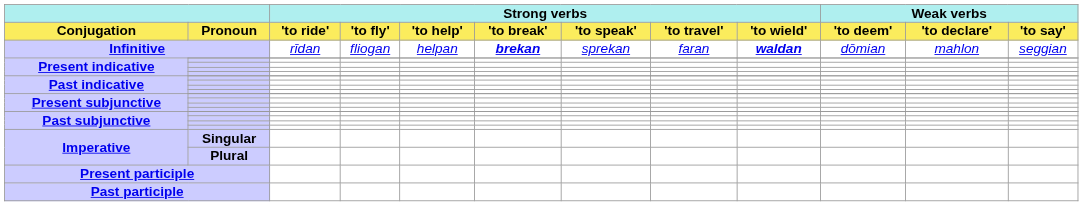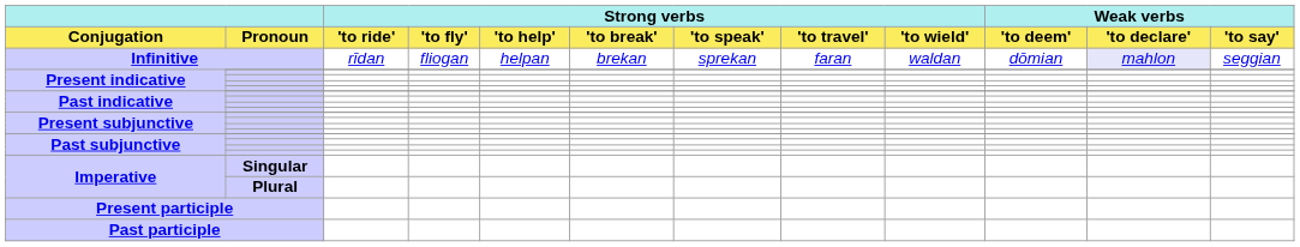 <table border=1 width=100% style="text-align:center; margin:1em 1em 1em 0; border:1px #999 solid; border-collapse:collapse;">
 <tr>
 <th style="background:#afefef;" colspan="2"></th>
 <th style="background:#afefef;" colspan="7">Strong verbs</th>
 <th style="background:#afefef;" colspan="3">Weak verbs</th>
 </tr>
 <tr>
 <th style="background:#FBEC5D;"><strong>Conjugation</strong></th>
 <th style="background:#FBEC5D;"><strong>Pronoun</strong></th>
 <th style="background:#FBEC5D;">'to ride'</th>
 <th style="background:#FBEC5D;">'to fly'</th>
 <th style="background:#FBEC5D;">'to help'</th>
 <th style="background:#FBEC5D;">'to break'</th>
 <th style="background:#FBEC5D;">'to speak'</th>
 <th style="background:#FBEC5D;">'to travel'</th>
 <th style="background:#FBEC5D;">'to wield'</th>
 <th style="background:#FBEC5D;">'to deem'</th>
 <th style="background:#FBEC5D;">'to declare'</th>
 <th style="background:#FBEC5D;">'to say'</th>
 </tr>
 <tr>
 <td style="background:#CCCCFF;" colspan="2"><strong><a href='#'>Infinitive</a></strong></td>
 <td><em><a href='#'>rīdan</a></em></td>
 <td><em><a href='#'>fliogan</a></em></td>
 <td><em><a href='#'>helpan</a></em></td>
-<td><strong><em><a href='#'>brekan</a></em></strong></td>
+<td><em><a href='#'>brekan</a></em></td>
 <td><em><a href='#'>sprekan</a></em></td>
 <td><em><a href='#'>faran</a></em></td>
-<td><strong><em><a href='#'>waldan</a></em></strong></td>
+<td><em><a href='#'>waldan</a></em></td>
 <td><em><a href='#'>dōmian</a></em></td>
-<td><em><a href='#'>mahlon</a></em></td>
+<td style="background: lavender;"><em><a href='#'>mahlon</a></em></td>
 <td><em><a href='#'>seggian</a></em></td>
 </tr>
 <tr>
 <td style="background:#CCCCFF;" rowspan="5"><strong><a href='#'>Present indicative</a></strong></td>
 </tr>
 <tr>
 <td style="background:#CCCCFF;"><strong></strong></td>
 <td></td>
 <td></td>
 <td></td>
 <td></td>
 <td></td>
 <td></td>
 <td></td>
 <td></td>
 <td></td>
 <td></td>
 </tr>
 <tr>
 <td style="background:#CCCCFF;"><strong></strong></td>
 <td></td>
 <td></td>
 <td></td>
 <td></td>
 <td></td>
 <td></td>
 <td></td>
 <td></td>
 <td></td>
 <td></td>
 </tr>
 <tr>
 <td style="background:#CCCCFF;"><strong></strong></td>
 <td></td>
 <td></td>
 <td></td>
 <td></td>
 <td></td>
 <td></td>
 <td></td>
 <td></td>
 <td></td>
 <td></td>
 </tr>
 <tr>
 <td style="background:#CCCCFF;"><strong></strong></td>
 <td></td>
 <td></td>
 <td></td>
 <td></td>
 <td></td>
 <td></td>
 <td></td>
 <td></td>
 <td></td>
 <td></td>
 </tr>
 <tr>
 <td style="background:#CCCCFF;" rowspan="5"><strong><a href='#'>Past indicative</a></strong></td>
 </tr>
 <tr>
 <td style="background:#CCCCFF;"><strong></strong></td>
 <td></td>
 <td></td>
 <td></td>
 <td></td>
 <td></td>
 <td></td>
 <td></td>
 <td></td>
 <td></td>
 <td></td>
 </tr>
 <tr>
 <td style="background:#CCCCFF;"><strong></strong></td>
 <td></td>
 <td></td>
 <td></td>
 <td></td>
 <td></td>
 <td></td>
 <td></td>
 <td></td>
 <td></td>
 <td></td>
 </tr>
 <tr>
 <td style="background:#CCCCFF;"><strong></strong></td>
 <td></td>
 <td></td>
 <td></td>
 <td></td>
 <td></td>
 <td></td>
 <td></td>
 <td></td>
 <td></td>
 <td></td>
 </tr>
 <tr>
 <td style="background:#CCCCFF;"><strong></strong></td>
 <td></td>
 <td></td>
 <td></td>
 <td></td>
 <td></td>
 <td></td>
 <td></td>
 <td></td>
 <td></td>
 <td></td>
 </tr>
 <tr>
 <td style="background:#CCCCFF;" rowspan="5"><strong><a href='#'>Present subjunctive</a></strong></td>
 </tr>
 <tr>
 <td style="background:#CCCCFF;"><strong></strong></td>
 <td></td>
 <td></td>
 <td></td>
 <td></td>
 <td></td>
 <td></td>
 <td></td>
 <td></td>
 <td></td>
 <td></td>
 </tr>
 <tr>
 <td style="background:#CCCCFF;"><strong></strong></td>
 <td></td>
 <td></td>
 <td></td>
 <td></td>
 <td></td>
 <td></td>
 <td></td>
 <td></td>
 <td></td>
 <td></td>
 </tr>
 <tr>
 <td style="background:#CCCCFF;"><strong></strong></td>
 <td></td>
 <td></td>
 <td></td>
 <td></td>
 <td></td>
 <td></td>
 <td></td>
 <td></td>
 <td></td>
 <td></td>
 </tr>
 <tr>
 <td style="background:#CCCCFF;"><strong></strong></td>
 <td></td>
 <td></td>
 <td></td>
 <td></td>
 <td></td>
 <td></td>
 <td></td>
 <td></td>
 <td></td>
 <td></td>
 </tr>
 <tr>
 <td style="background:#CCCCFF;" rowspan="5"><strong><a href='#'>Past subjunctive</a></strong></td>
 </tr>
 <tr>
 <td style="background:#CCCCFF;"><strong></strong></td>
 <td></td>
 <td></td>
 <td></td>
 <td></td>
 <td></td>
 <td></td>
 <td></td>
 <td></td>
 <td></td>
 <td></td>
 </tr>
 <tr>
 <td style="background:#CCCCFF;"><strong></strong></td>
 <td></td>
 <td></td>
 <td></td>
 <td></td>
 <td></td>
 <td></td>
 <td></td>
 <td></td>
 <td></td>
 <td></td>
 </tr>
 <tr>
 <td style="background:#CCCCFF;"><strong></strong></td>
 <td></td>
 <td></td>
 <td></td>
 <td></td>
 <td></td>
 <td></td>
 <td></td>
 <td></td>
 <td></td>
 <td></td>
 </tr>
 <tr>
 <td style="background:#CCCCFF;"><strong></strong></td>
 <td></td>
 <td></td>
 <td></td>
 <td></td>
 <td></td>
 <td></td>
 <td></td>
 <td></td>
 <td></td>
 <td></td>
 </tr>
 <tr>
 <td style="background:#CCCCFF;" rowspan="2"><strong><a href='#'>Imperative</a></strong></td>
 <td style="background:#CCCCFF;"><strong>Singular</strong></td>
 <td></td>
 <td></td>
 <td></td>
 <td></td>
 <td></td>
 <td></td>
 <td></td>
 <td></td>
 <td></td>
 <td></td>
 </tr>
 <tr>
 <td style="background:#CCCCFF;"><strong>Plural</strong></td>
 <td></td>
 <td></td>
 <td></td>
 <td></td>
 <td></td>
 <td></td>
 <td></td>
 <td></td>
 <td></td>
 <td></td>
 </tr>
 <tr>
 <td style="background:#CCCCFF;" colspan="2"><strong><a href='#'>Present participle</a></strong></td>
 <td></td>
 <td></td>
 <td></td>
 <td></td>
 <td></td>
 <td></td>
 <td></td>
 <td></td>
 <td></td>
 <td></td>
 </tr>
 <tr>
 <td style="background:#CCCCFF;" colspan="2"><strong><a href='#'>Past participle</a></strong></td>
 <td></td>
 <td></td>
 <td></td>
 <td></td>
 <td></td>
 <td></td>
 <td></td>
 <td></td>
 <td></td>
 <td></td>
 </tr>
 </table>
